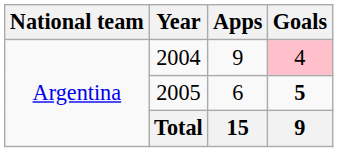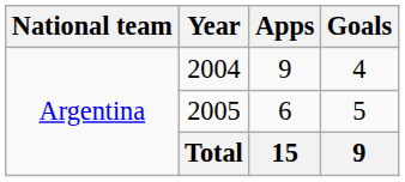 <table class="wikitable" style="text-align:center">
 <tr>
 <th>National team</th>
 <th>Year</th>
 <th>Apps</th>
 <th>Goals</th>
 </tr>
 <tr>
 <td rowspan="3"><a href='#'>Argentina</a></td>
 <td>2004</td>
 <td>9</td>
-<td style="background: pink;">4</td>
+<td>4</td>
 </tr>
 <tr>
 <td>2005</td>
 <td>6</td>
-<td><strong>5</strong></td>
+<td>5</td>
 </tr>
 <tr>
 <th>Total</th>
 <th>15</th>
 <th>9</th>
 </tr>
 </table>
